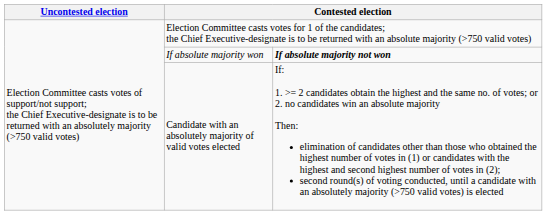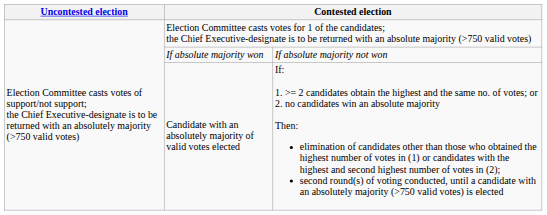 <table class="wikitable">
 <tr>
 <th><a href='#'>Uncontested election</a></th>
 <th colspan="2">Contested election</th>
 </tr>
 <tr>
 <td rowspan="3">Election Committee casts votes of support/not support;<br>the Chief Executive-designate is to be returned with an absolutely majority (>750 valid votes)</td>
 <td colspan="2">Election Committee casts votes for 1 of the candidates;<br> the Chief Executive-designate is to be returned with an absolute majority (>750 valid votes)</td>
 </tr>
 <tr>
 <td><em>If absolute majority won</em></td>
-<td><strong><em>If absolute majority not won</em></strong></td>
+<td><em>If absolute majority not won</em></td>
 </tr>
 <tr>
 <td>Candidate with an absolutely majority of valid votes elected</td>
 <td>If:<br><br>1.	>= 2 candidates obtain the highest and the same no. of votes; or <br> 2.	no candidates win an absolute majority <br><br>Then:<ul><li>elimination of candidates other than those who obtained the highest number of votes in (1) or candidates with the highest and second highest number of votes in (2);</li><li>second round(s) of voting conducted, until a candidate with an absolutely majority (>750 valid votes) is elected</li></ul></td>
 </tr>
 </table>
